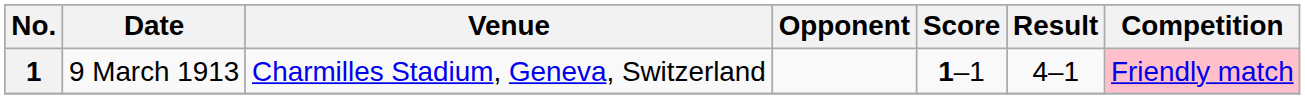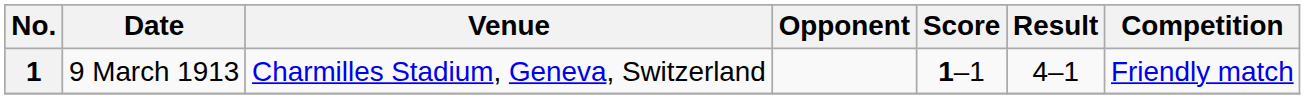 <table class="wikitable sortable plainrowheaders">
 <tr>
 <th scope=col>No.</th>
 <th scope=col>Date</th>
 <th scope=col>Venue</th>
 <th scope=col>Opponent</th>
 <th scope=col>Score</th>
 <th scope=col>Result</th>
 <th scope=col>Competition</th>
 </tr>
 <tr>
 <th scope=row style=text-align:center>1</th>
 <td>9 March 1913</td>
 <td><a href='#'>Charmilles Stadium</a>, <a href='#'>Geneva</a>, Switzerland</td>
 <td></td>
 <td align=center><strong>1</strong>–1</td>
 <td align=center>4–1</td>
-<td style="background: pink;"><a href='#'>Friendly match</a></td>
+<td><a href='#'>Friendly match</a></td>
 </tr>
 <tr>
 </tr>
 </table>
